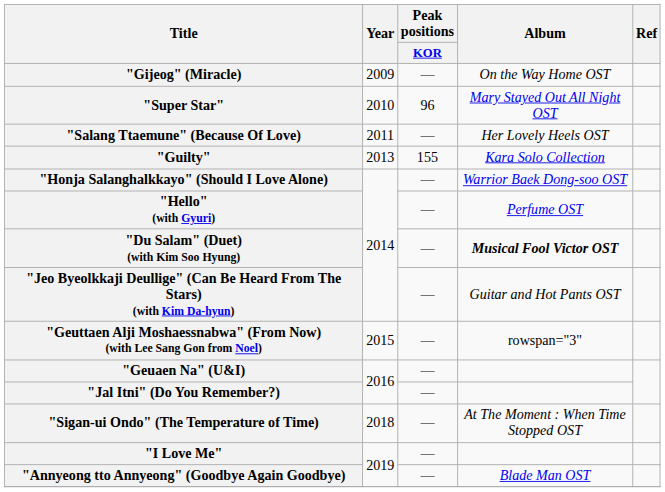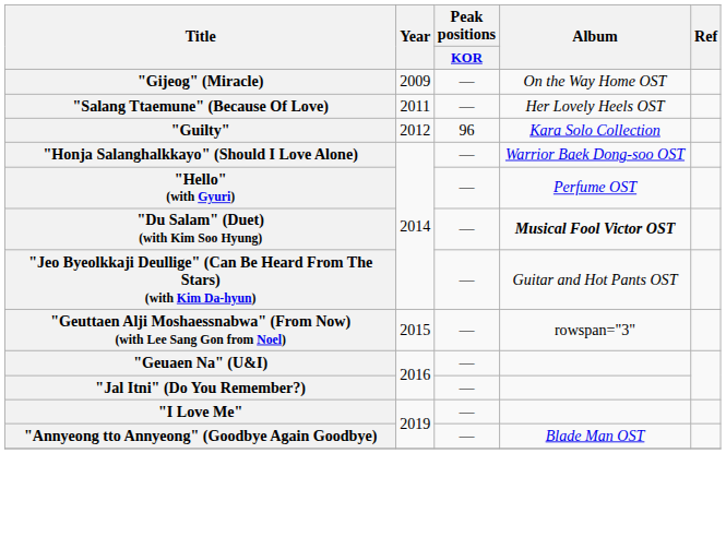 <table class="wikitable plainrowheaders" style="text-align:center;">
 <tr>
 <th scope="col" rowspan="2" style="width:25em">Title</th>
 <th scope="col" rowspan="2" style="width:2em">Year</th>
 <th scope="col">Peak positions</th>
 <th scope="col" rowspan="2" style="width:12em">Album</th>
 <th rowspan="2">Ref</th>
 </tr>
 <tr>
 <th scope="col" style="width:3em;font-size:90%;"><a href='#'>KOR</a><br></th>
 </tr>
 <tr>
 <th scope="row">"Gijeog" (Miracle)</th>
 <td>2009</td>
 <td>—</td>
 <td><em>On the Way Home OST</em></td>
 <td></td>
 </tr>
 <tr>
-<th scope="row">"Super Star"</th>
-<td>2010</td>
-<td>96</td>
-<td><em><a href='#'>Mary Stayed Out All Night OST</a></em></td>
-<td></td>
-</tr>
-<tr>
 <th scope="row">"Salang Ttaemune" (Because Of Love)</th>
 <td>2011</td>
 <td>—</td>
 <td><em>Her Lovely Heels OST</em></td>
 <td></td>
 </tr>
 <tr>
 <th scope="row">"Guilty"</th>
-<td>2013</td>
-<td>155</td>
+<td>2012</td>
+<td>96</td>
 <td><em><a href='#'>Kara Solo Collection</a></em></td>
 <td></td>
 </tr>
 <tr>
 <th scope="row">"Honja Salanghalkkayo" (Should I Love Alone)</th>
 <td rowspan="4">2014</td>
 <td>—</td>
 <td><em><a href='#'>Warrior Baek Dong-soo OST</a></em></td>
 <td></td>
 </tr>
 <tr>
 <th scope="row">"Hello"<br><small>(with <a href='#'>Gyuri</a>)</small></th>
 <td>—</td>
 <td><em><a href='#'>Perfume OST</a></em></td>
 <td></td>
 </tr>
 <tr>
 <th scope="row">"Du Salam" (Duet)<br><small>(with Kim Soo Hyung)</small></th>
 <td>—</td>
 <td><strong><em>Musical Fool Victor OST</em></strong></td>
 <td></td>
 </tr>
 <tr>
 <th scope="row">"Jeo Byeolkkaji Deullige" (Can Be Heard From The Stars)<br><small>(with <a href='#'>Kim Da-hyun</a>)</small></th>
 <td>—</td>
 <td><em>Guitar and Hot Pants OST</em></td>
 <td></td>
 </tr>
 <tr>
 <th scope="row">"Geuttaen Alji Moshaessnabwa" (From Now)<br><small>(with Lee Sang Gon from <a href='#'>Noel</a>)</small></th>
 <td>2015</td>
 <td>—</td>
 <td>rowspan="3" </td>
 <td></td>
 </tr>
 <tr>
 <th scope="row">"Geuaen Na" (U&I)</th>
 <td rowspan="2">2016</td>
 <td>—</td>
 <td></td>
 </tr>
 <tr>
 <th scope="row">"Jal Itni" (Do You Remember?)</th>
 <td>—</td>
 <td></td>
 </tr>
 <tr>
-<th scope="row">"Sigan-ui Ondo" (The Temperature of Time)</th>
-<td rowspan="1">2018</td>
-<td>—</td>
-<td><em>At The Moment : When Time Stopped OST</em></td>
-<td></td>
-</tr>
-<tr>
 <th scope="row">"I Love Me"</th>
 <td rowspan="2">2019</td>
 <td>—</td>
 <td></td>
 <td></td>
 </tr>
 <tr>
 <th scope="row">"Annyeong tto Annyeong" (Goodbye Again Goodbye)</th>
 <td>—</td>
 <td><em><a href='#'>Blade Man OST</a></em></td>
 <td></td>
 </tr>
 <tr>
 </tr>
 </table>
